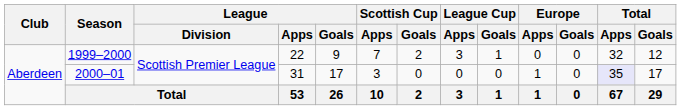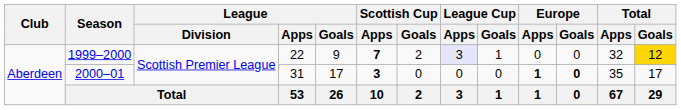 <table class="wikitable" style="text-align:center">
 <tr>
 <th rowspan="2">Club</th>
 <th rowspan="2">Season</th>
 <th colspan="3">League</th>
 <th colspan="2">Scottish Cup</th>
 <th colspan="2">League Cup</th>
 <th colspan="2">Europe</th>
 <th colspan="2">Total</th>
 </tr>
 <tr>
 <th>Division</th>
 <th>Apps</th>
 <th>Goals</th>
 <th>Apps</th>
 <th>Goals</th>
 <th>Apps</th>
 <th>Goals</th>
 <th>Apps</th>
 <th>Goals</th>
 <th>Apps</th>
 <th>Goals</th>
 </tr>
 <tr>
 <td rowspan="3"><a href='#'>Aberdeen</a></td>
 <td><a href='#'>1999–2000</a></td>
 <td rowspan="2"><a href='#'>Scottish Premier League</a></td>
 <td>22</td>
 <td>9</td>
-<td>7</td>
+<td><strong>7</strong></td>
 <td>2</td>
-<td>3</td>
+<td style="background: lavender;">3</td>
 <td>1</td>
 <td>0</td>
 <td>0</td>
 <td>32</td>
-<td>12</td>
+<td style="background: gold;">12</td>
 </tr>
 <tr>
 <td><a href='#'>2000–01</a></td>
 <td>31</td>
 <td>17</td>
-<td>3</td>
+<td><strong>3</strong></td>
 <td>0</td>
 <td>0</td>
 <td>0</td>
-<td>1</td>
-<td>0</td>
-<td style="background: lavender;">35</td>
+<td><strong>1</strong></td>
+<td><strong>0</strong></td>
+<td>35</td>
 <td>17</td>
 </tr>
 <tr>
 <th colspan="2">Total</th>
 <th>53</th>
 <th>26</th>
 <th>10</th>
 <th>2</th>
 <th>3</th>
 <th>1</th>
 <th>1</th>
 <th>0</th>
 <th>67</th>
 <th>29</th>
 </tr>
 </table>
